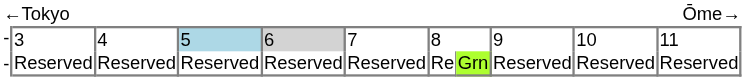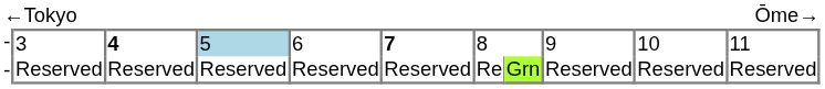 <table table border=0 cellspacing=0 cellpadding=1>
 <tr>
 <td colspan=6 align=lift>←Tokyo</td>
 <td colspan=6 align=right>Ōme→</td>
 </tr>
 <tr>
 <td width=1 style="border-right:solid 2px gray;">-</td>
 <td width=40 style="border-top:solid 2px gray; border-right:solid 2px gray;">3</td>
-<td width=40 style="border-top:solid 2px gray; border-right:solid 2px gray;">4</td>
+<td width=40 style="border-top:solid 2px gray; border-right:solid 2px gray;"><strong>4</strong></td>
 <td width=40 style="background: lightblue; border-top:solid 2px gray; border-right:solid 2px gray;">5</td>
-<td width=40 style="background: lightgrey; border-top:solid 2px gray; border-right:solid 2px gray;">6</td>
-<td width=40 style="border-top:solid 2px gray; border-right:solid 2px gray;">7</td>
+<td width=40 style="border-top:solid 2px gray; border-right:solid 2px gray;">6</td>
+<td width=40 style="border-top:solid 2px gray; border-right:solid 2px gray;"><strong>7</strong></td>
 <td style="border-top:solid 2px gray; border-right:solid 2px gray;" colspan=2>8</td>
 <td width=40 style="border-top:solid 2px gray; border-right:solid 2px gray;">9</td>
 <td width=40 style="border-top:solid 2px gray; border-right:solid 2px gray;">10</td>
 <td width=40 style="border-top:solid 2px gray; border-right:solid 2px gray;">11</td>
 </tr>
 <tr>
 <td width=1 style="border-right:solid 2px gray;">-</td>
 <td style="border-bottom:solid 2px gray; border-right:solid 2px gray;">Reserved</td>
 <td style="border-bottom:solid 2px gray; border-right:solid 2px gray;">Reserved</td>
 <td style="border-bottom:solid 2px gray; border-right:solid 2px gray;">Reserved</td>
 <td style="border-bottom:solid 2px gray; border-right:solid 2px gray;">Reserved</td>
 <td style="border-bottom:solid 2px gray; border-right:solid 2px gray;">Reserved</td>
 <td width=20 style="border-bottom:solid 2px gray; border-right:solid 1px gray;">Re</td>
 <td width=20 style="border-bottom:solid 2px gray; border-right:solid 2px gray;" bgcolor=greenyellow>Grn</td>
 <td style="border-bottom:solid 2px gray; border-right:solid 2px gray;">Reserved</td>
 <td style="border-bottom:solid 2px gray; border-right:solid 2px gray;">Reserved</td>
 <td style="border-bottom:solid 2px gray; border-right:solid 2px gray;">Reserved</td>
 </tr>
 </table>
